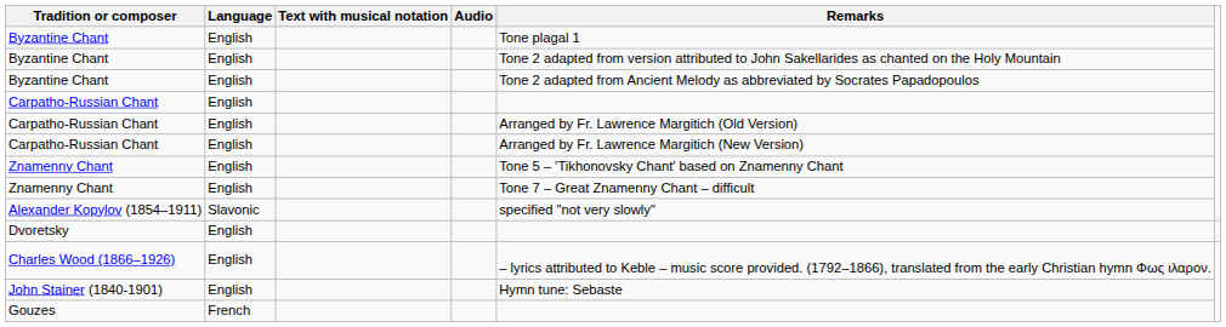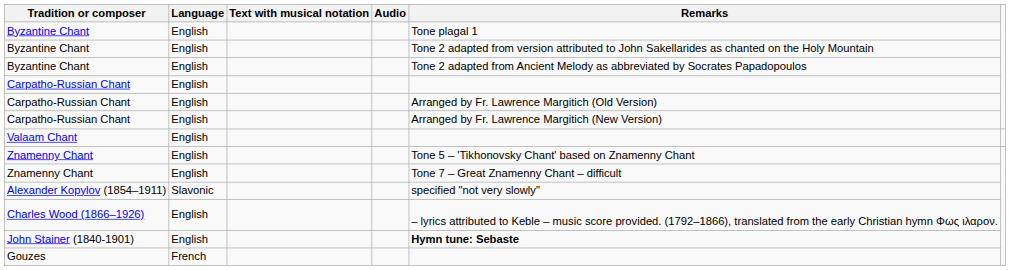 <table class="wikitable">
 <tr style="background:#efefef;">
 <th>Tradition or composer</th>
 <th>Language</th>
 <th>Text with musical notation</th>
 <th>Audio</th>
 <th>Remarks</th>
 </tr>
 <tr>
 <td><a href='#'>Byzantine Chant</a></td>
 <td>English</td>
 <td></td>
 <td><br></td>
 <td>Tone plagal 1</td>
 </tr>
 <tr>
 <td>Byzantine Chant</td>
 <td>English</td>
 <td></td>
 <td></td>
 <td>Tone 2 adapted from version attributed to John Sakellarides as chanted on the Holy Mountain</td>
 </tr>
 <tr>
 <td>Byzantine Chant</td>
 <td>English</td>
 <td></td>
 <td></td>
 <td>Tone 2 adapted from Ancient Melody as abbreviated by Socrates Papadopoulos</td>
 </tr>
 <tr>
 <td><a href='#'>Carpatho-Russian Chant</a></td>
 <td>English</td>
 <td></td>
 <td></td>
 <td></td>
 </tr>
 <tr>
 <td>Carpatho-Russian Chant</td>
 <td>English</td>
 <td></td>
 <td><br></td>
 <td>Arranged by Fr. Lawrence Margitich (Old Version)</td>
 </tr>
 <tr>
 <td>Carpatho-Russian Chant</td>
 <td>English</td>
 <td></td>
 <td></td>
 <td>Arranged by Fr. Lawrence Margitich (New Version)</td>
 </tr>
 <tr>
+<td><a href='#'>Valaam Chant</a></td>
+<td>English</td>
+<td></td>
+<td><br></td>
+<td></td>
+<td></td>
+</tr>
+<tr>
 <td><a href='#'>Znamenny Chant</a></td>
 <td>English</td>
 <td></td>
 <td><br></td>
 <td>Tone 5 – 'Tikhonovsky Chant' based on Znamenny Chant</td>
 </tr>
 <tr>
 <td>Znamenny Chant</td>
 <td>English</td>
 <td></td>
 <td></td>
 <td>Tone 7 – Great Znamenny Chant – difficult</td>
 </tr>
 <tr>
 <td><a href='#'>Alexander Kopylov</a> (1854–1911)</td>
 <td>Slavonic</td>
 <td></td>
 <td></td>
 <td>specified "not very slowly"</td>
 </tr>
 <tr>
-<td>Dvoretsky</td>
-<td>English</td>
-<td></td>
-<td></td>
-<td></td>
-<td></td>
-</tr>
-<tr>
 <td><a href='#'>Charles Wood (1866–1926)</a></td>
 <td>English</td>
 <td></td>
 <td></td>
 <td><br> – lyrics attributed to Keble – music score provided. (1792–1866), translated from the early Christian hymn Φως ιλαρον.</td>
 </tr>
 <tr>
 <td><a href='#'>John Stainer</a>  (1840-1901)</td>
 <td>English</td>
 <td></td>
 <td></td>
-<td> Hymn tune: Sebaste</td>
+<td><strong> Hymn tune: Sebaste</strong></td>
 </tr>
 <tr>
 <td>Gouzes</td>
 <td>French</td>
 <td></td>
 <td></td>
 <td></td>
 </tr>
 </table>
